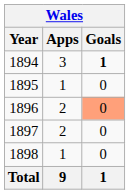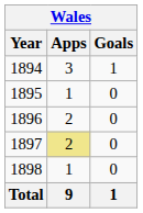 <table class="wikitable" style="text-align:center">
 <tr>
 <th colspan=3><a href='#'>Wales</a></th>
 </tr>
 <tr>
 <th>Year</th>
 <th>Apps</th>
 <th>Goals</th>
 </tr>
 <tr>
 <td>1894</td>
 <td>3</td>
-<td><strong>1</strong></td>
+<td>1</td>
 </tr>
 <tr>
 <td>1895</td>
 <td>1</td>
 <td>0</td>
 </tr>
 <tr>
 <td>1896</td>
 <td>2</td>
-<td style="background: lightsalmon;">0</td>
+<td>0</td>
 </tr>
 <tr>
 <td>1897</td>
-<td>2</td>
+<td style="background: khaki;">2</td>
 <td>0</td>
 </tr>
 <tr>
 <td>1898</td>
 <td>1</td>
 <td>0</td>
 </tr>
 <tr>
 <th>Total</th>
 <th>9</th>
 <th>1</th>
 </tr>
 </table>
